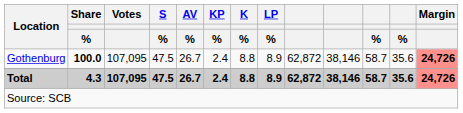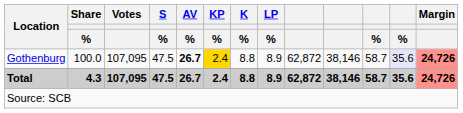 <table class="wikitable sortable" style="text-align:right; font-size:95%; line-height:20px;">
 <tr>
 <th rowspan="3">Location</th>
 <th>Share</th>
 <th>Votes</th>
 <th width="30px" class="unsortable"><a href='#'>S</a></th>
 <th width="30px" class="unsortable"><a href='#'>AV</a></th>
 <th width="30px" class="unsortable"><a href='#'>KP</a></th>
 <th width="30px" class="unsortable"><a href='#'>K</a></th>
 <th width="30px" class="unsortable"><a href='#'>LP</a></th>
 <th></th>
 <th></th>
 <th></th>
 <th></th>
 <th>Margin</th>
 </tr>
 <tr>
 <th></th>
 <th></th>
 <th style="background:"></th>
 <th style="background:"></th>
 <th style="background:"></th>
 <th style="background:"></th>
 <th style="background:"></th>
 <th style="background:"></th>
 <th style="background:"></th>
 <th style="background:"></th>
 <th style="background:"></th>
 <th></th>
 </tr>
 <tr>
 <th data-sort-type="number">%</th>
 <th></th>
 <th data-sort-type="number">%</th>
 <th data-sort-type="number">%</th>
 <th data-sort-type="number">%</th>
 <th data-sort-type="number">%</th>
 <th data-sort-type="number">%</th>
 <th></th>
 <th></th>
 <th data-sort-type="number">%</th>
 <th data-sort-type="number">%</th>
 <th></th>
 </tr>
 <tr>
 <td align=left><a href='#'>Gothenburg</a></td>
-<td><strong>100.0</strong></td>
+<td>100.0</td>
 <td>107,095</td>
 <td>47.5</td>
-<td>26.7</td>
-<td>2.4</td>
+<td><strong>26.7</strong></td>
+<td style="background: gold;">2.4</td>
 <td>8.8</td>
 <td>8.9</td>
 <td>62,872</td>
 <td>38,146</td>
 <td>58.7</td>
-<td>35.6</td>
+<td style="background: lavender;">35.6</td>
 <td bgcolor=#ff908c><strong>24,726</strong></td>
 </tr>
 <tr>
 </tr>
 <tr style="background:#CDCDCD;">
 <td align=left><strong>Total</strong></td>
 <td><strong>4.3</strong></td>
 <td><strong>107,095</strong></td>
 <td><strong>47.5</strong></td>
 <td><strong>26.7</strong></td>
 <td><strong>2.4</strong></td>
 <td><strong>8.8</strong></td>
 <td><strong>8.9</strong></td>
 <td><strong>62,872</strong></td>
 <td><strong>38,146</strong></td>
 <td><strong>58.7</strong></td>
 <td><strong>35.6</strong></td>
 <td bgcolor=#ff908c><strong>24,726</strong></td>
 </tr>
 <tr>
 <td align=left colspan=13>Source: SCB </td>
 </tr>
 </table>
